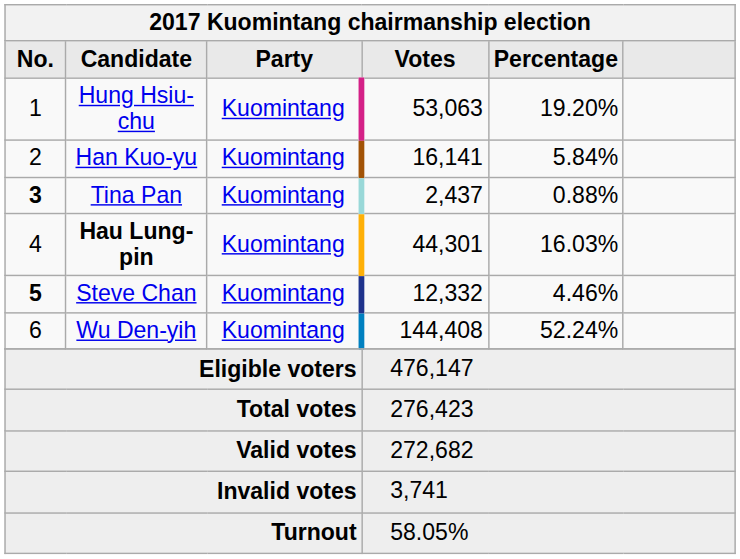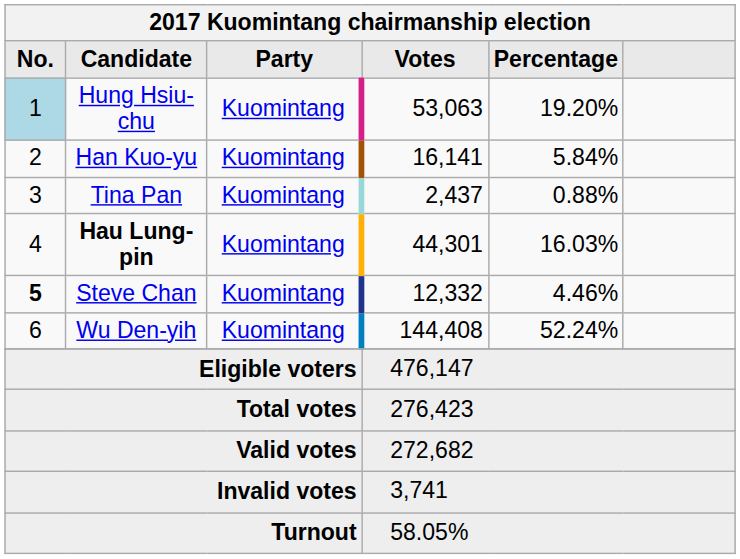 <table class="wikitable sortable" style="margin:auto; text-align:center">
 <tr>
 <th colspan="7" width=500px>2017 Kuomintang chairmanship election</th>
 </tr>
 <tr>
 <th style="background-color:#E9E9E9;text-align:center;" width="35">No.</th>
 <th style="background-color:#E9E9E9;text-align:center;" width="90">Candidate</th>
 <th style="background-color:#E9E9E9;text-align:center;" width="100">Party</th>
 <th style="background-color:#E9E9E9;text-align:center;" width="80">Votes</th>
 <th style="background-color:#E9E9E9;text-align:center;" width="70">Percentage</th>
 <th style="background-color:#E9E9E9;text-align:center;" width="70"></th>
 </tr>
 <tr>
-<td>1</td>
+<td style="background: lightblue;">1</td>
 <td style="text-align:center;"><a href='#'>Hung Hsiu-chu</a></td>
 <td><a href='#'>Kuomintang</a></td>
 <td style="border-left:4px solid #D42187;" align="right">53,063</td>
 <td align="right">19.20%</td>
 <td align="center"></td>
 </tr>
 <tr>
 <td>2</td>
 <td style="text-align:center;"><a href='#'>Han Kuo-yu</a></td>
 <td><a href='#'>Kuomintang</a></td>
 <td style="border-left:4px solid #A25306;" align="right">16,141</td>
 <td align="right">5.84%</td>
 <td align="center"></td>
 </tr>
 <tr>
-<td><strong>3</strong></td>
+<td>3</td>
 <td style="text-align:center;"><a href='#'>Tina Pan</a></td>
 <td><a href='#'>Kuomintang</a></td>
 <td style="border-left:4px solid #99D8D8;" align="right">2,437</td>
 <td align="right">0.88%</td>
 <td align="center"></td>
 </tr>
 <tr>
 <td>4</td>
 <td style="text-align:center;"><strong>Hau Lung-pin</strong></td>
 <td><a href='#'>Kuomintang</a></td>
 <td style="border-left:4px solid #FEB008;" align="right">44,301</td>
 <td align="right">16.03%</td>
 <td align="center"></td>
 </tr>
 <tr>
 <td><strong>5</strong></td>
 <td style="text-align:center;"><a href='#'>Steve Chan</a></td>
 <td><a href='#'>Kuomintang</a></td>
 <td style="border-left:4px solid #1F338C;" align="right">12,332</td>
 <td align="right">4.46%</td>
 <td align="center"></td>
 </tr>
 <tr>
 <td>6</td>
 <td style="text-align:center;"><a href='#'>Wu Den-yih</a></td>
 <td><a href='#'>Kuomintang</a></td>
 <td style="border-left:4px solid #0080C0;" align="right">144,408</td>
 <td align="right">52.24%</td>
 <td align="center"></td>
 </tr>
 <tr>
 </tr>
 <tr bgcolor=EEEEEE class="sortbottom">
 <td colspan="3" style="text-align: right"><strong>Eligible voters</strong></td>
 <td colspan="3" align="left">　476,147</td>
 </tr>
 <tr bgcolor=EEEEEE class="sortbottom">
 <td colspan="3" style="text-align: right"><strong>Total votes</strong></td>
 <td colspan="3" align="left">　276,423</td>
 </tr>
 <tr bgcolor=EEEEEE class="sortbottom">
 <td colspan="3" style="text-align: right"><strong>Valid votes</strong></td>
 <td colspan="3" align="left">　272,682</td>
 </tr>
 <tr bgcolor=EEEEEE class="sortbottom">
 <td colspan="3" style="text-align: right"><strong>Invalid votes</strong></td>
 <td colspan="3" align="left">　3,741</td>
 </tr>
 <tr bgcolor=EEEEEE class="sortbottom">
 <td colspan="3" style="text-align: right"><strong>Turnout</strong></td>
 <td colspan="3" align="left">　58.05%</td>
 </tr>
 </table>
